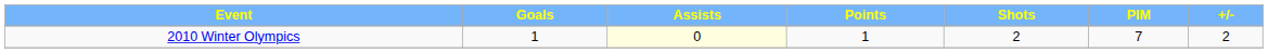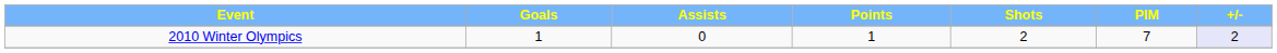 <table class="wikitable" width="75%">
 <tr align="center"  style="background:#74B4FA;color:yellow;">
 <td><strong>Event</strong></td>
 <td><strong>Goals</strong></td>
 <td><strong>Assists</strong></td>
 <td><strong>Points</strong></td>
 <td><strong>Shots</strong></td>
 <td><strong>PIM</strong></td>
 <td><strong>+/-</strong></td>
 </tr>
 <tr align="center" bgcolor="">
 </tr>
 <tr align="center">
 <td><a href='#'>2010 Winter Olympics</a></td>
 <td>1</td>
-<td style="background: lightyellow;">0</td>
+<td>0</td>
 <td>1</td>
 <td>2</td>
 <td>7</td>
-<td>2</td>
+<td style="background: lavender;">2</td>
 </tr>
 <tr align="center">
 </tr>
 </table>
